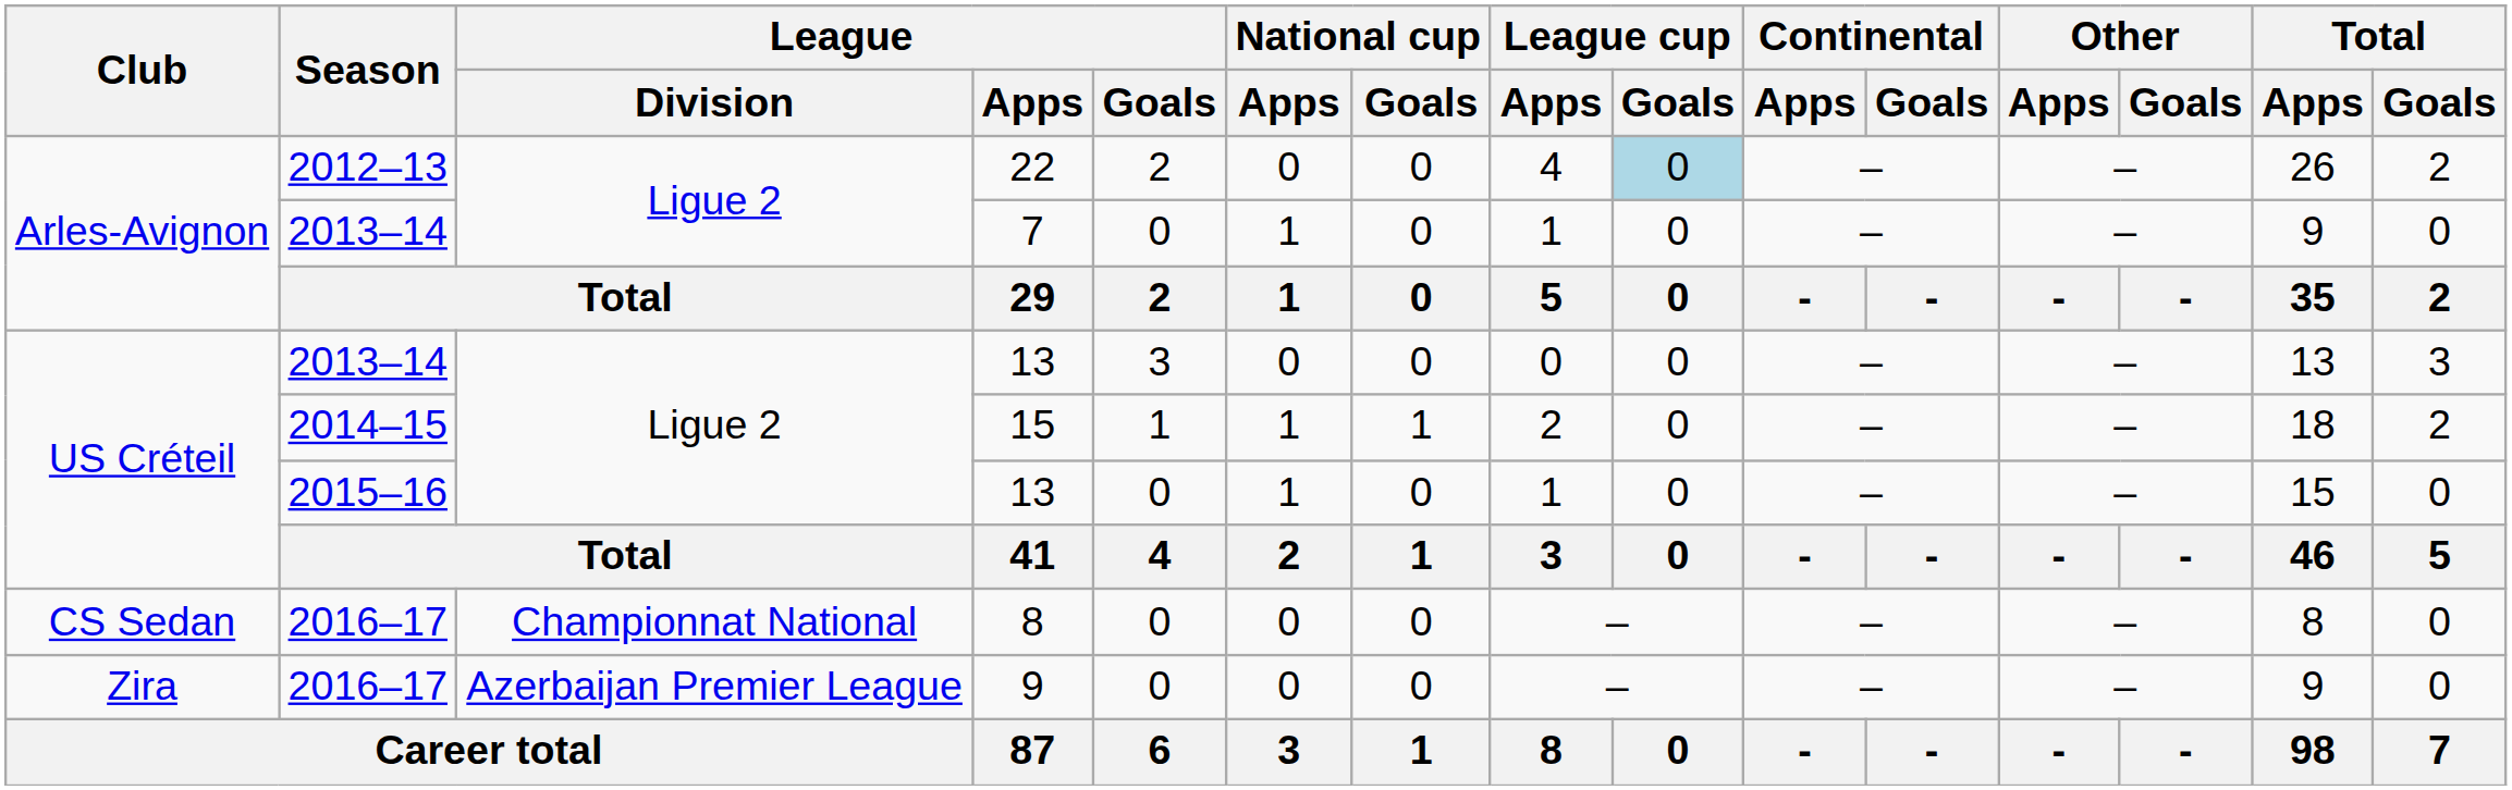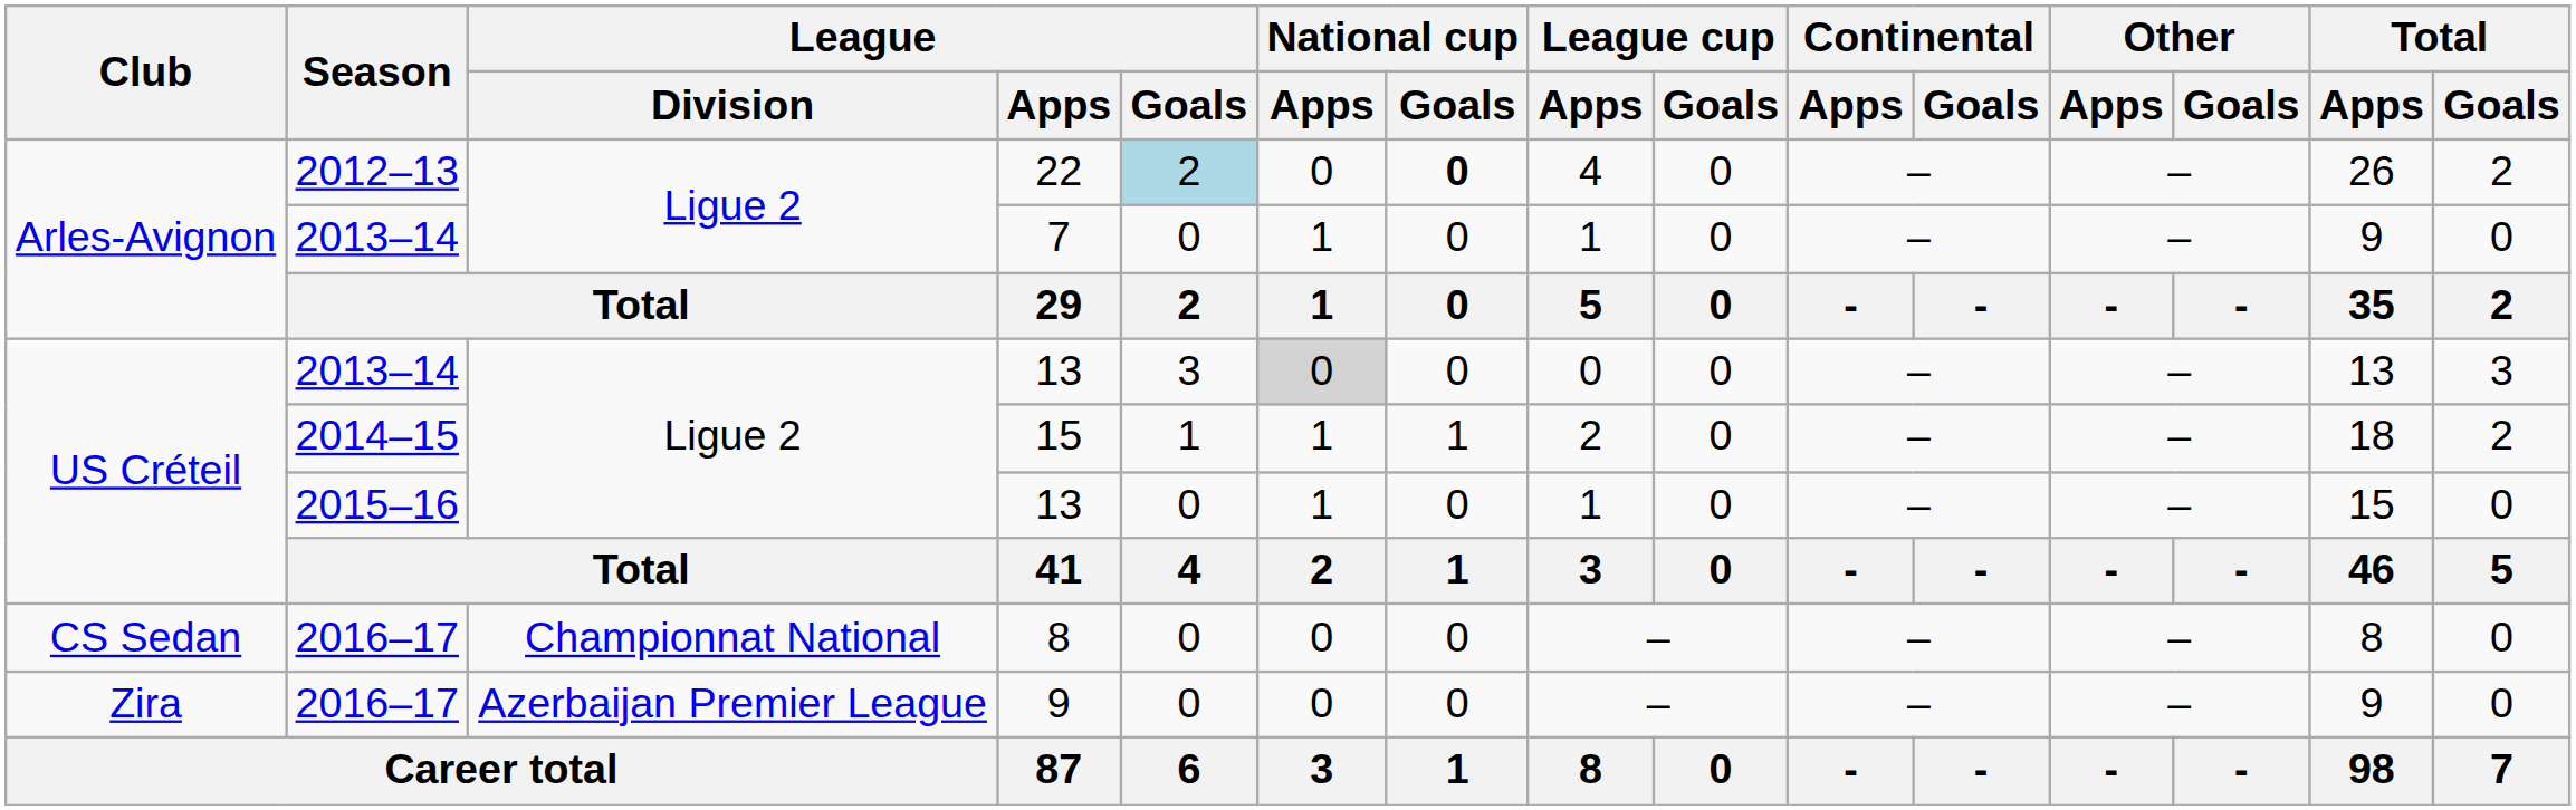 <table class="wikitable" style="text-align: center">
 <tr>
 <th rowspan="2">Club</th>
 <th rowspan="2">Season</th>
 <th colspan="3">League</th>
 <th colspan="2">National cup</th>
 <th colspan="2">League cup</th>
 <th colspan="2">Continental</th>
 <th colspan="2">Other</th>
 <th colspan="2">Total</th>
 </tr>
 <tr>
 <th>Division</th>
 <th>Apps</th>
 <th>Goals</th>
 <th>Apps</th>
 <th>Goals</th>
 <th>Apps</th>
 <th>Goals</th>
 <th>Apps</th>
 <th>Goals</th>
 <th>Apps</th>
 <th>Goals</th>
 <th>Apps</th>
 <th>Goals</th>
 </tr>
 <tr>
 <td rowspan="3"><a href='#'>Arles-Avignon</a></td>
 <td><a href='#'>2012–13</a></td>
 <td rowspan="2"><a href='#'>Ligue 2</a></td>
 <td>22</td>
-<td>2</td>
+<td style="background: lightblue;">2</td>
 <td>0</td>
+<td><strong>0</strong></td>
+<td>4</td>
 <td>0</td>
-<td>4</td>
-<td style="background: lightblue;">0</td>
 <td colspan="2">–</td>
 <td colspan="2">–</td>
 <td>26</td>
 <td>2</td>
 </tr>
 <tr>
 <td><a href='#'>2013–14</a></td>
 <td>7</td>
 <td>0</td>
 <td>1</td>
 <td>0</td>
 <td>1</td>
 <td>0</td>
 <td colspan="2">–</td>
 <td colspan="2">–</td>
 <td>9</td>
 <td>0</td>
 </tr>
 <tr>
 <th colspan="2">Total</th>
 <th>29</th>
 <th>2</th>
 <th>1</th>
 <th>0</th>
 <th>5</th>
 <th>0</th>
 <th>-</th>
 <th>-</th>
 <th>-</th>
 <th>-</th>
 <th>35</th>
 <th>2</th>
 </tr>
 <tr>
 <td rowspan="4"><a href='#'>US Créteil</a></td>
 <td><a href='#'>2013–14</a></td>
 <td rowspan="3">Ligue 2</td>
 <td>13</td>
 <td>3</td>
-<td>0</td>
+<td style="background: lightgrey;">0</td>
 <td>0</td>
 <td>0</td>
 <td>0</td>
 <td colspan="2">–</td>
 <td colspan="2">–</td>
 <td>13</td>
 <td>3</td>
 </tr>
 <tr>
 <td><a href='#'>2014–15</a></td>
 <td>15</td>
 <td>1</td>
 <td>1</td>
 <td>1</td>
 <td>2</td>
 <td>0</td>
 <td colspan="2">–</td>
 <td colspan="2">–</td>
 <td>18</td>
 <td>2</td>
 </tr>
 <tr>
 <td><a href='#'>2015–16</a></td>
 <td>13</td>
 <td>0</td>
 <td>1</td>
 <td>0</td>
 <td>1</td>
 <td>0</td>
 <td colspan="2">–</td>
 <td colspan="2">–</td>
 <td>15</td>
 <td>0</td>
 </tr>
 <tr>
 <th colspan="2">Total</th>
 <th>41</th>
 <th>4</th>
 <th>2</th>
 <th>1</th>
 <th>3</th>
 <th>0</th>
 <th>-</th>
 <th>-</th>
 <th>-</th>
 <th>-</th>
 <th>46</th>
 <th>5</th>
 </tr>
 <tr>
 <td><a href='#'>CS Sedan</a></td>
 <td><a href='#'>2016–17</a></td>
 <td><a href='#'>Championnat National</a></td>
 <td>8</td>
 <td>0</td>
 <td>0</td>
 <td>0</td>
 <td colspan="2">–</td>
 <td colspan="2">–</td>
 <td colspan="2">–</td>
 <td>8</td>
 <td>0</td>
 </tr>
 <tr>
 <td><a href='#'>Zira</a></td>
 <td><a href='#'>2016–17</a></td>
 <td><a href='#'>Azerbaijan Premier League</a></td>
 <td>9</td>
 <td>0</td>
 <td>0</td>
 <td>0</td>
 <td colspan="2">–</td>
 <td colspan="2">–</td>
 <td colspan="2">–</td>
 <td>9</td>
 <td>0</td>
 </tr>
 <tr>
 <th colspan="3">Career total</th>
 <th>87</th>
 <th>6</th>
 <th>3</th>
 <th>1</th>
 <th>8</th>
 <th>0</th>
 <th>-</th>
 <th>-</th>
 <th>-</th>
 <th>-</th>
 <th>98</th>
 <th>7</th>
 </tr>
 </table>
